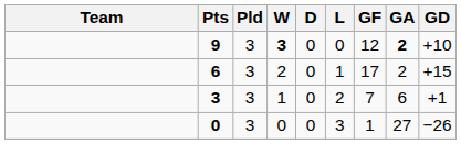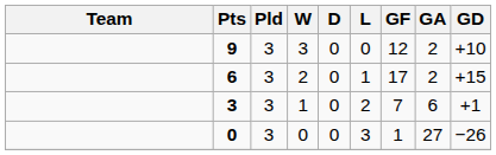 <table class=wikitable style="text-align:center">
 <tr>
 <th width=175>Team</th>
 <th width=20>Pts</th>
 <th width=20>Pld</th>
 <th width=20>W</th>
 <th width=20>D</th>
 <th width=20>L</th>
 <th width=20>GF</th>
 <th width=20>GA</th>
 <th width=20>GD</th>
 </tr>
 <tr>
 <td style="text-align:left;"></td>
 <td><strong>9</strong></td>
 <td>3</td>
-<td><strong>3</strong></td>
+<td>3</td>
 <td>0</td>
 <td>0</td>
 <td>12</td>
-<td><strong>2</strong></td>
+<td>2</td>
 <td>+10</td>
 </tr>
 <tr>
 <td style="text-align:left;"></td>
 <td><strong>6</strong></td>
 <td>3</td>
 <td>2</td>
 <td>0</td>
 <td>1</td>
 <td>17</td>
 <td>2</td>
 <td>+15</td>
 </tr>
 <tr>
 <td style="text-align:left;"></td>
 <td><strong>3</strong></td>
 <td>3</td>
 <td>1</td>
 <td>0</td>
 <td>2</td>
 <td>7</td>
 <td>6</td>
 <td>+1</td>
 </tr>
 <tr>
 <td style="text-align:left;"></td>
 <td><strong>0</strong></td>
 <td>3</td>
 <td>0</td>
 <td>0</td>
 <td>3</td>
 <td>1</td>
 <td>27</td>
 <td>−26</td>
 </tr>
 <tr>
 </tr>
 </table>
